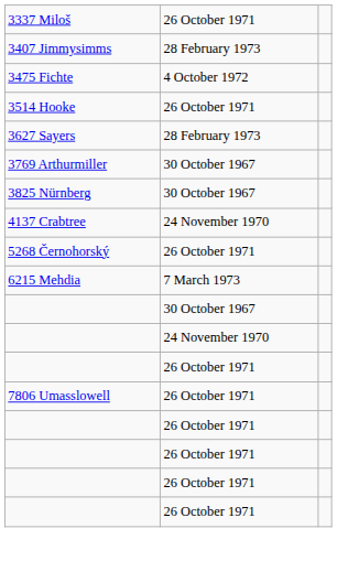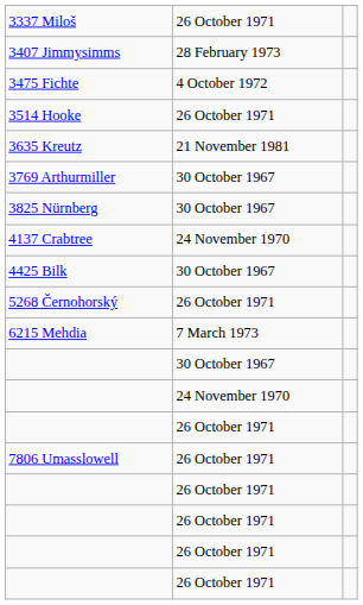 <table class="wikitable" style="font-size: 89%; float: left; width: 24em; margin-right: 1em; line-height: 1.65em !important; height: 540px;">
 <tr>
 <td><a href='#'>3337 Miloš</a></td>
 <td>26 October 1971</td>
 <td></td>
 </tr>
 <tr>
 <td><a href='#'>3407 Jimmysimms</a></td>
 <td>28 February 1973</td>
 <td></td>
 </tr>
 <tr>
 <td><a href='#'>3475 Fichte</a></td>
 <td>4 October 1972</td>
 <td></td>
 </tr>
 <tr>
 <td><a href='#'>3514 Hooke</a></td>
 <td>26 October 1971</td>
 <td></td>
 </tr>
 <tr>
-<td><a href='#'>3627 Sayers</a></td>
-<td>28 February 1973</td>
+<td><a href='#'>3635 Kreutz</a></td>
+<td>21 November 1981</td>
 <td></td>
 </tr>
 <tr>
 <td><a href='#'>3769 Arthurmiller</a></td>
 <td>30 October 1967</td>
 <td> </td>
 </tr>
 <tr>
 <td><a href='#'>3825 Nürnberg</a></td>
 <td>30 October 1967</td>
 <td></td>
 </tr>
 <tr>
 <td><a href='#'>4137 Crabtree</a></td>
 <td>24 November 1970</td>
+<td></td>
+</tr>
+<tr>
+<td><a href='#'>4425 Bilk</a></td>
+<td>30 October 1967</td>
 <td></td>
 </tr>
 <tr>
 <td><a href='#'>5268 Černohorský</a></td>
 <td>26 October 1971</td>
 <td></td>
 </tr>
 <tr>
 <td><a href='#'>6215 Mehdia</a></td>
 <td>7 March 1973</td>
 <td></td>
 </tr>
 <tr>
 <td></td>
 <td>30 October 1967</td>
 <td></td>
 </tr>
 <tr>
 <td></td>
 <td>24 November 1970</td>
 <td></td>
 </tr>
 <tr>
 <td></td>
 <td>26 October 1971</td>
 <td></td>
 </tr>
 <tr>
 <td><a href='#'>7806 Umasslowell</a></td>
 <td>26 October 1971</td>
 <td></td>
 </tr>
 <tr>
 <td></td>
 <td>26 October 1971</td>
 <td></td>
 </tr>
 <tr>
 <td></td>
 <td>26 October 1971</td>
 <td></td>
 </tr>
 <tr>
 <td></td>
 <td>26 October 1971</td>
 <td></td>
 </tr>
 <tr>
 <td></td>
 <td>26 October 1971</td>
 <td></td>
 </tr>
 </table>
